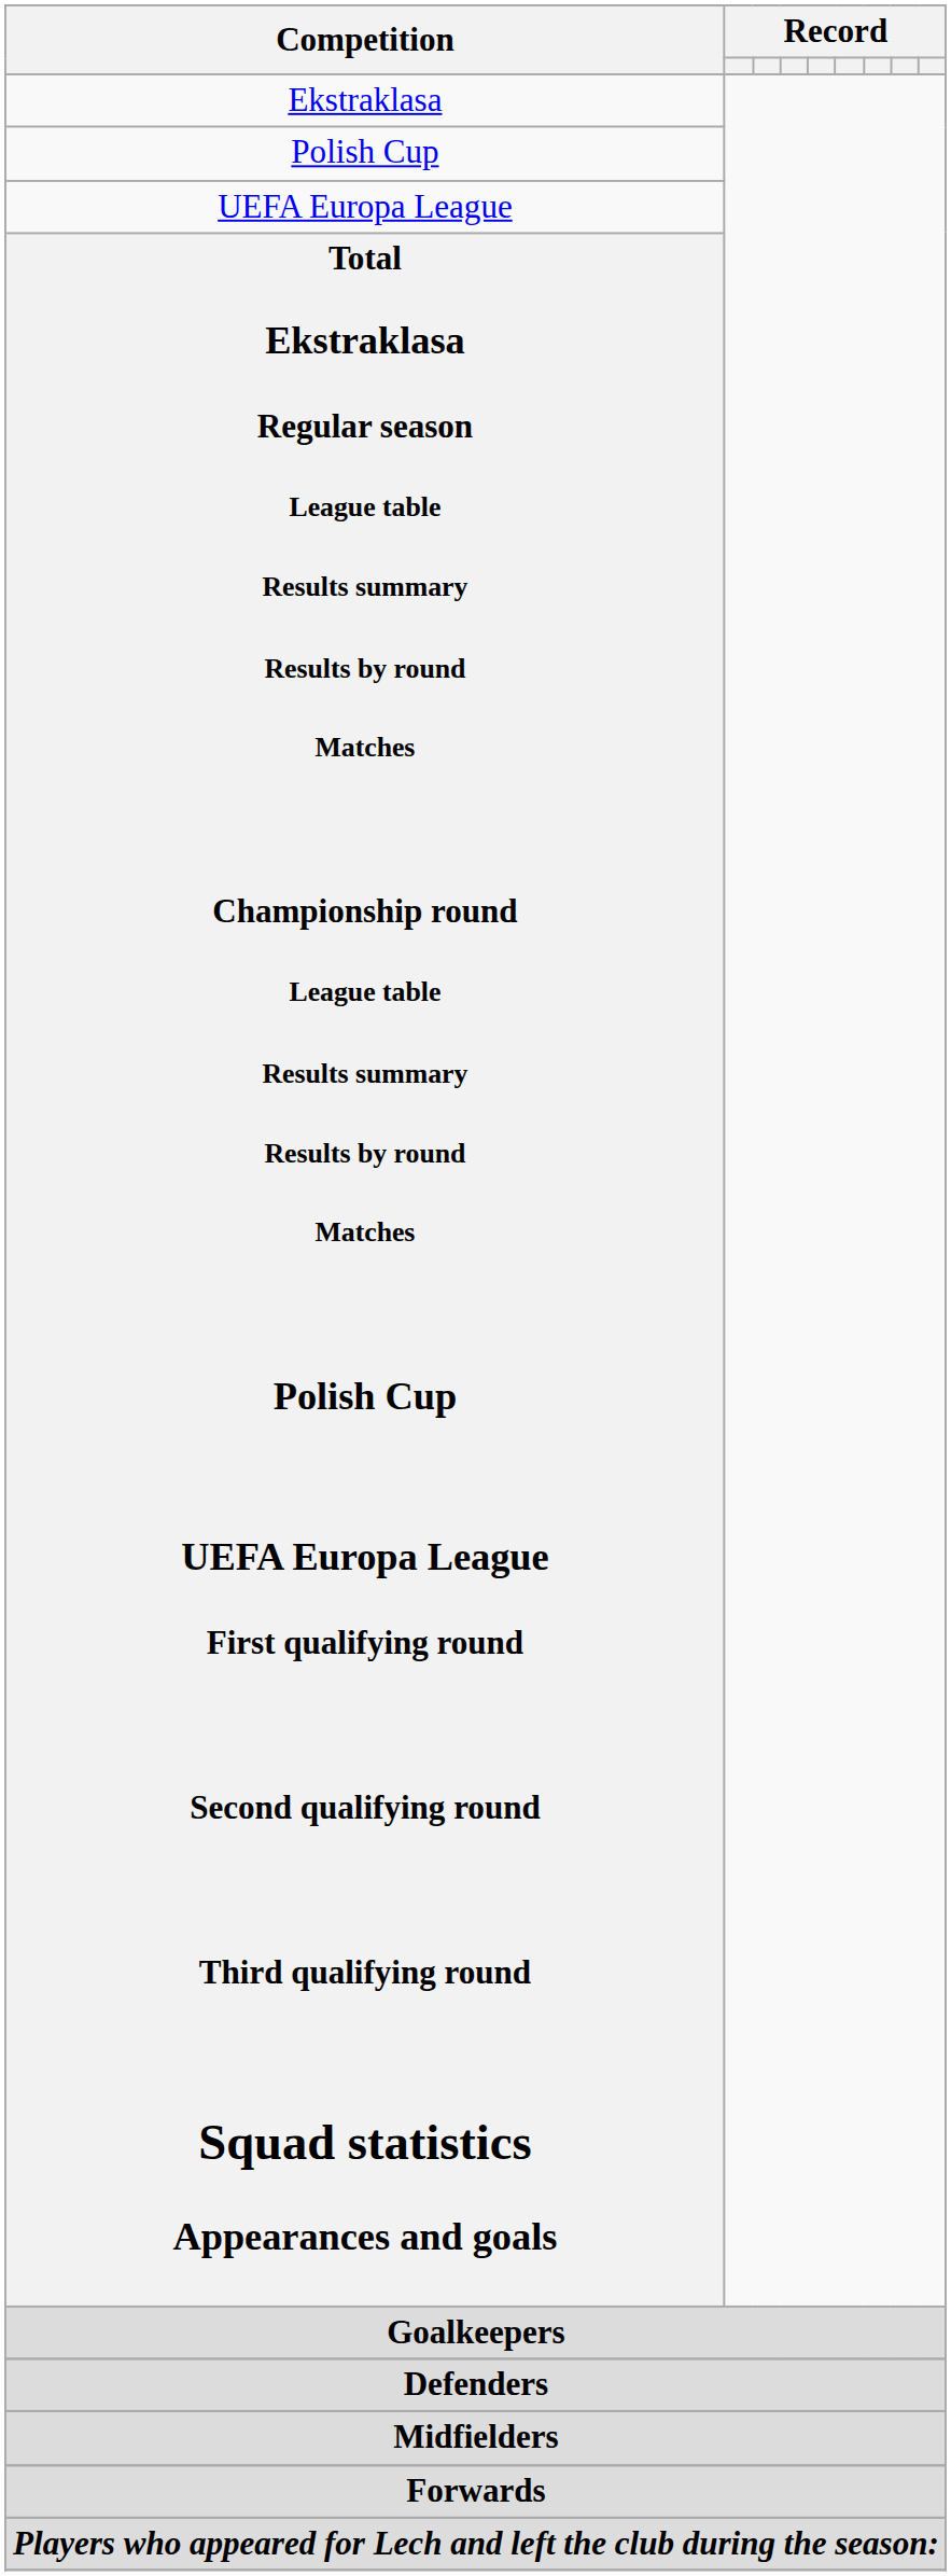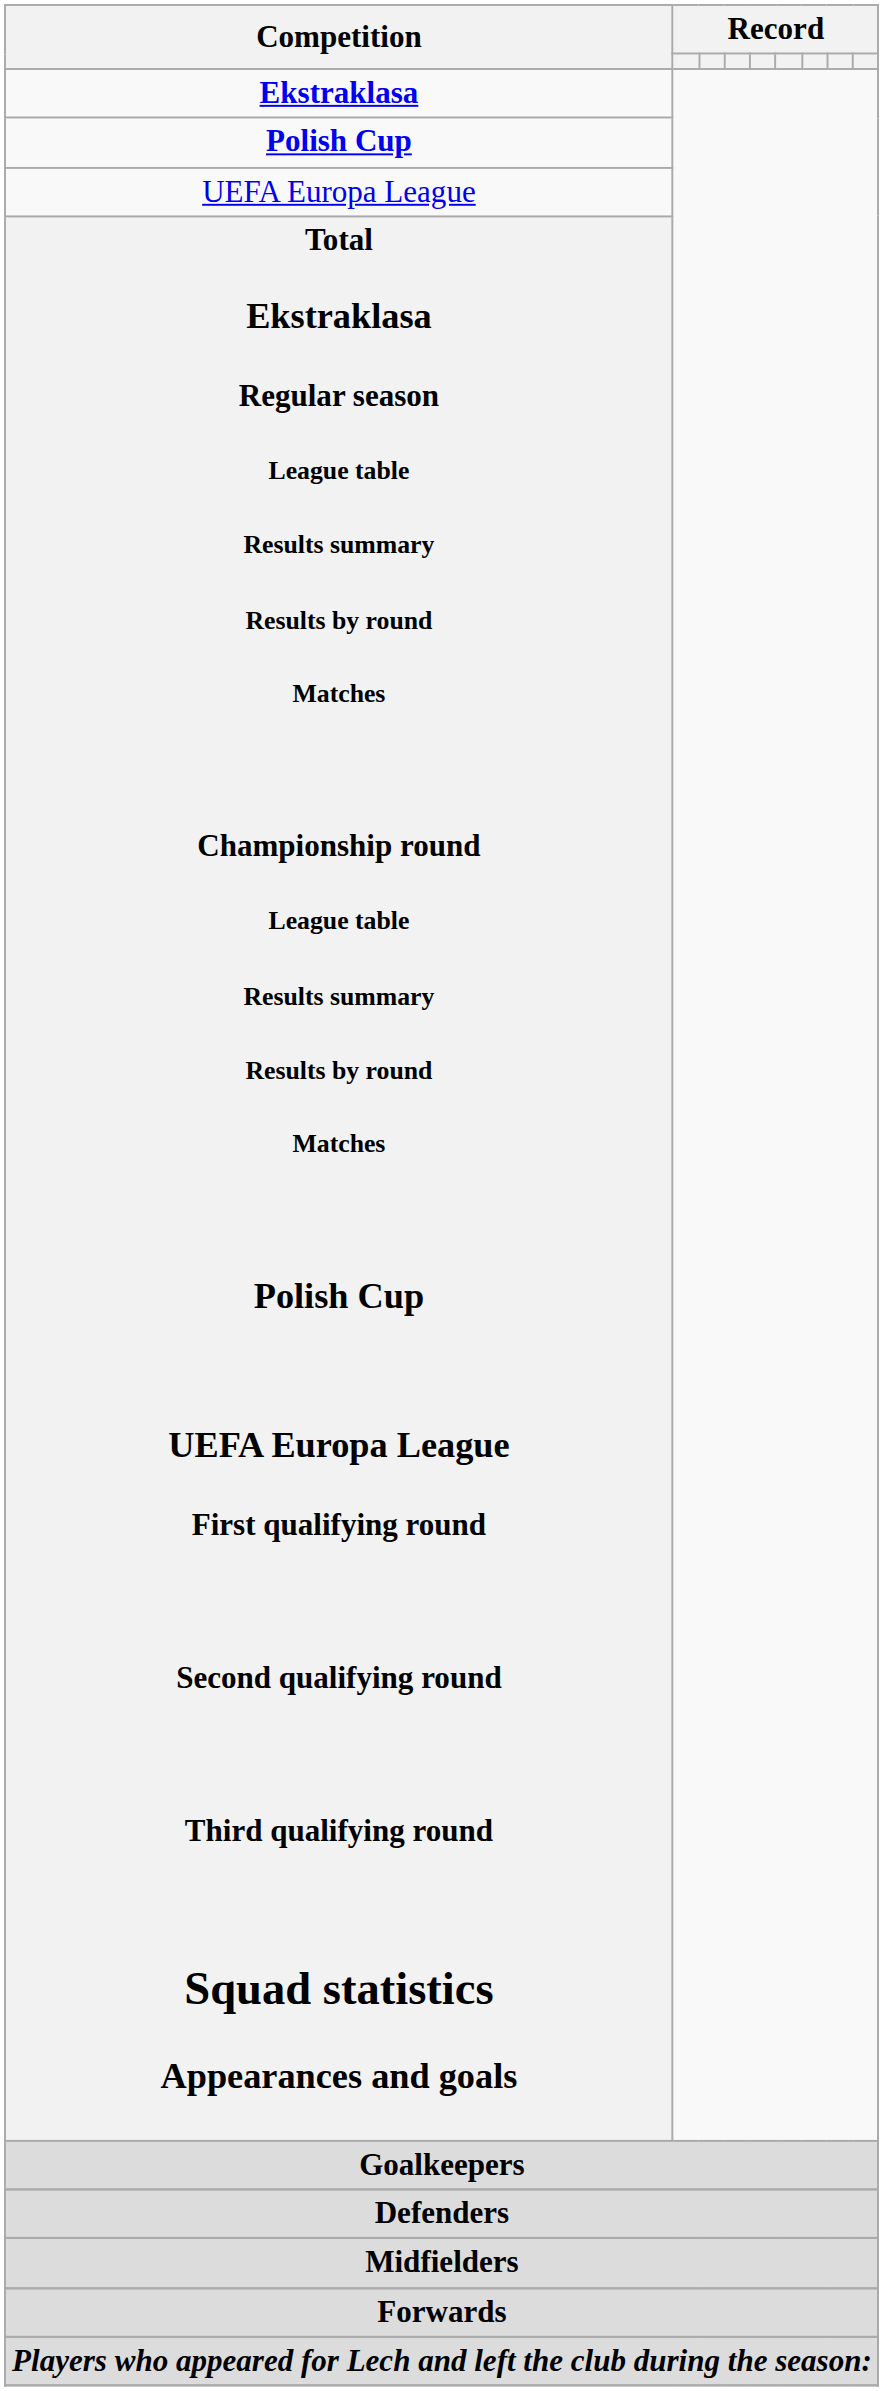 <table class="wikitable" style="text-align: center">
 <tr>
 <th rowspan=2>Competition</th>
 <th colspan=8>Record</th>
 </tr>
 <tr>
 <th></th>
 <th></th>
 <th></th>
 <th></th>
 <th></th>
 <th></th>
 <th></th>
 <th></th>
 </tr>
 <tr>
-<td><a href='#'>Ekstraklasa</a><br></td>
+<td><strong><a href='#'>Ekstraklasa</a><br></strong></td>
 </tr>
 <tr>
-<td><a href='#'>Polish Cup</a><br></td>
+<td><strong><a href='#'>Polish Cup</a><br></strong></td>
 </tr>
 <tr>
 <td><a href='#'>UEFA Europa League</a><br></td>
 </tr>
 <tr>
 <th>Total<br> <h3>Ekstraklasa</h3><h4>Regular season</h4><h5>League table</h5><h5>Results summary</h5> <h5>Results by round</h5><h5>Matches</h5>  <br>                             <h4>Championship round</h4><h5>League table</h5><h5>Results summary</h5> <h5>Results by round</h5><h5>Matches</h5>  <br>      <h3>Polish Cup</h3><br><h3>UEFA Europa League</h3><h4>First qualifying round</h4><br> <h4>Second qualifying round</h4><br> <h4>Third qualifying round</h4><br> <h2>Squad statistics</h2><h3>Appearances and goals</h3></th>
 </tr>
 <tr>
 <th colspan=14 style=background:#dcdcdc; text-align:center>Goalkeepers</th>
 </tr>
 <tr>
 </tr>
 <tr>
 <th colspan=14 style=background:#dcdcdc; text-align:center>Defenders</th>
 </tr>
 <tr>
 </tr>
 <tr>
 <th colspan=14 style=background:#dcdcdc; text-align:center>Midfielders</th>
 </tr>
 <tr>
 </tr>
 <tr>
 <th colspan=14 style=background:#dcdcdc; text-align:center>Forwards</th>
 </tr>
 <tr>
 </tr>
 <tr>
 <th colspan=12 style=background:#dcdcdc; text-align:center><em>Players who appeared for Lech and left the club during the season:</em></th>
 </tr>
 <tr>
 </tr>
 <tr>
 </tr>
 </table>
